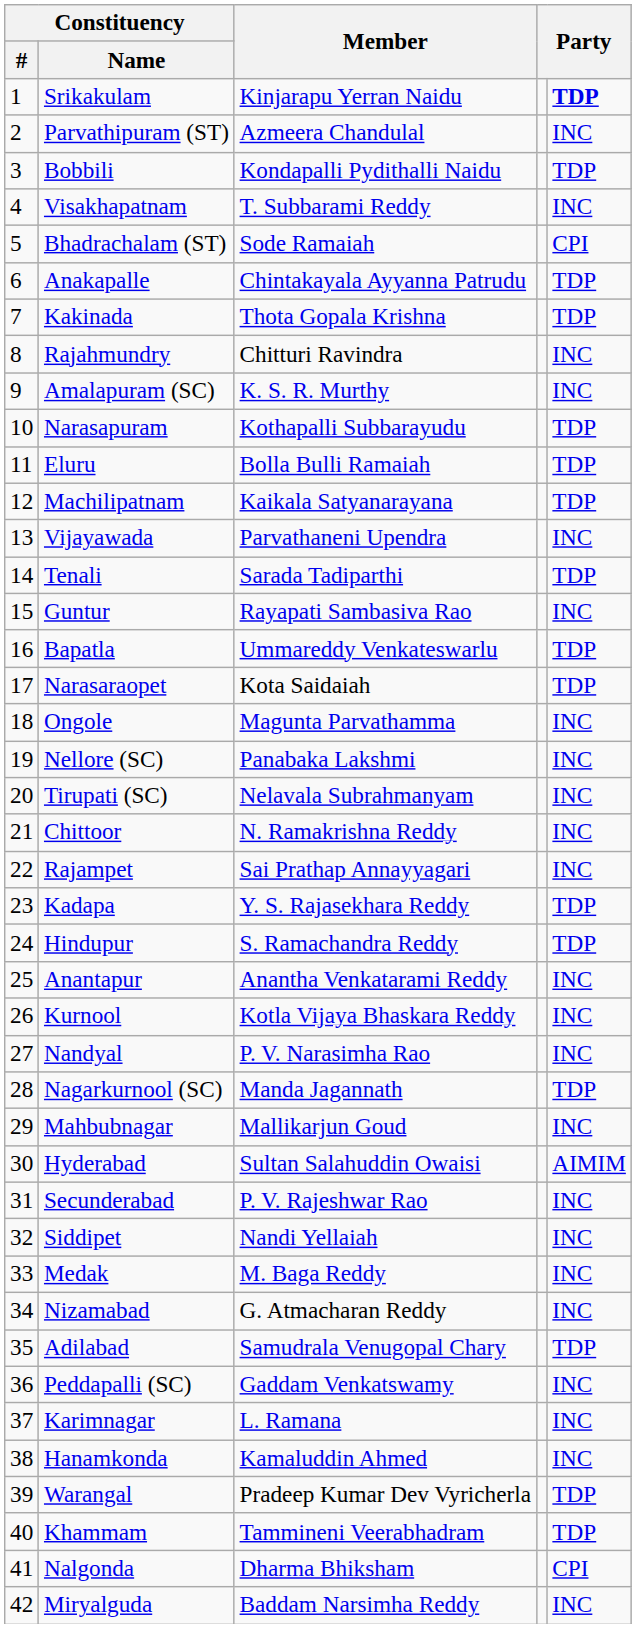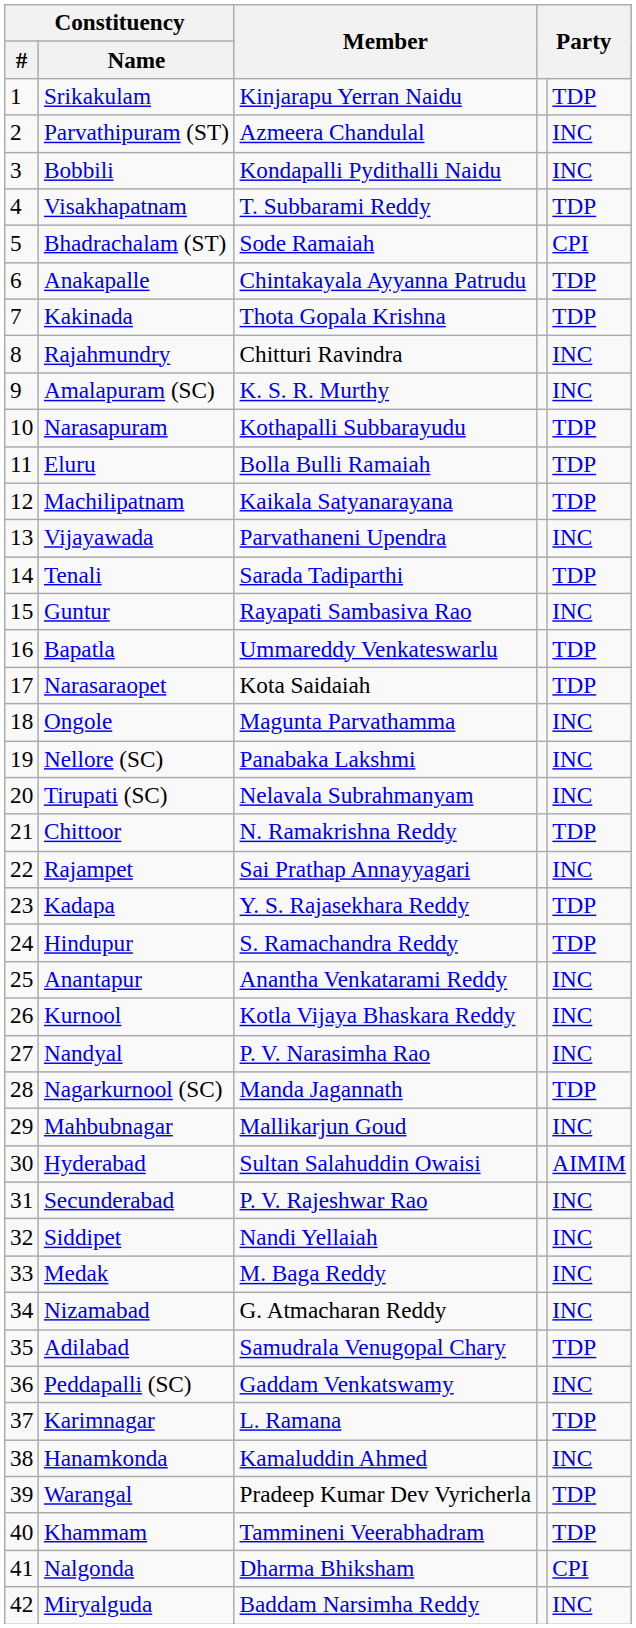 <table class="wikitable sortable">
 <tr>
 <th colspan="2">Constituency</th>
 <th rowspan="2">Member</th>
 <th colspan="2" rowspan="2">Party</th>
 </tr>
 <tr>
 <th>#</th>
 <th>Name</th>
 </tr>
 <tr>
 <td>1</td>
 <td><a href='#'>Srikakulam</a></td>
 <td><a href='#'>Kinjarapu Yerran Naidu</a></td>
 <td style="background-color: "></td>
-<td><strong><a href='#'>TDP</a></strong></td>
+<td><a href='#'>TDP</a></td>
 </tr>
 <tr>
 <td>2</td>
 <td><a href='#'>Parvathipuram</a> (ST)</td>
 <td><a href='#'>Azmeera Chandulal</a></td>
 <td style="background-color: "></td>
 <td><a href='#'>INC</a></td>
 </tr>
 <tr>
 <td>3</td>
 <td><a href='#'>Bobbili</a></td>
 <td><a href='#'>Kondapalli Pydithalli Naidu</a></td>
 <td style="background-color: "></td>
-<td><a href='#'>TDP</a></td>
+<td><a href='#'>INC</a></td>
 </tr>
 <tr>
 <td>4</td>
 <td><a href='#'>Visakhapatnam</a></td>
 <td><a href='#'>T. Subbarami Reddy</a></td>
 <td style="background-color: "></td>
-<td><a href='#'>INC</a></td>
+<td><a href='#'>TDP</a></td>
 </tr>
 <tr>
 <td>5</td>
 <td><a href='#'>Bhadrachalam</a> (ST)</td>
 <td><a href='#'>Sode Ramaiah</a></td>
 <td style="background-color: "></td>
 <td><a href='#'>CPI</a></td>
 </tr>
 <tr>
 <td>6</td>
 <td><a href='#'>Anakapalle</a></td>
 <td><a href='#'>Chintakayala Ayyanna Patrudu</a></td>
 <td style="background-color: "></td>
 <td><a href='#'>TDP</a></td>
 </tr>
 <tr>
 <td>7</td>
 <td><a href='#'>Kakinada</a></td>
 <td><a href='#'>Thota Gopala Krishna</a></td>
 <td style="background-color: "></td>
 <td><a href='#'>TDP</a></td>
 </tr>
 <tr>
 <td>8</td>
 <td><a href='#'>Rajahmundry</a></td>
 <td>Chitturi Ravindra</td>
 <td style="background-color: "></td>
 <td><a href='#'>INC</a></td>
 </tr>
 <tr>
 <td>9</td>
 <td><a href='#'>Amalapuram</a> (SC)</td>
 <td><a href='#'>K. S. R. Murthy</a></td>
 <td style="background-color: "></td>
 <td><a href='#'>INC</a></td>
 </tr>
 <tr>
 <td>10</td>
 <td><a href='#'>Narasapuram</a></td>
 <td><a href='#'>Kothapalli Subbarayudu</a></td>
 <td style="background-color: "></td>
 <td><a href='#'>TDP</a></td>
 </tr>
 <tr>
 <td>11</td>
 <td><a href='#'>Eluru</a></td>
 <td><a href='#'>Bolla Bulli Ramaiah</a></td>
 <td style="background-color: "></td>
 <td><a href='#'>TDP</a></td>
 </tr>
 <tr>
 <td>12</td>
 <td><a href='#'>Machilipatnam</a></td>
 <td><a href='#'>Kaikala Satyanarayana</a></td>
 <td style="background-color: "></td>
 <td><a href='#'>TDP</a></td>
 </tr>
 <tr>
 <td>13</td>
 <td><a href='#'>Vijayawada</a></td>
 <td><a href='#'>Parvathaneni Upendra</a></td>
 <td style="background-color: "></td>
 <td><a href='#'>INC</a></td>
 </tr>
 <tr>
 <td>14</td>
 <td><a href='#'>Tenali</a></td>
 <td><a href='#'>Sarada Tadiparthi</a></td>
 <td style="background-color: "></td>
 <td><a href='#'>TDP</a></td>
 </tr>
 <tr>
 <td>15</td>
 <td><a href='#'>Guntur</a></td>
 <td><a href='#'>Rayapati Sambasiva Rao</a></td>
 <td style="background-color: "></td>
 <td><a href='#'>INC</a></td>
 </tr>
 <tr>
 <td>16</td>
 <td><a href='#'>Bapatla</a></td>
 <td><a href='#'>Ummareddy Venkateswarlu</a></td>
 <td style="background-color: "></td>
 <td><a href='#'>TDP</a></td>
 </tr>
 <tr>
 <td>17</td>
 <td><a href='#'>Narasaraopet</a></td>
 <td>Kota Saidaiah</td>
 <td style="background-color: "></td>
 <td><a href='#'>TDP</a></td>
 </tr>
 <tr>
 <td>18</td>
 <td><a href='#'>Ongole</a></td>
 <td><a href='#'>Magunta Parvathamma</a></td>
 <td style="background-color: "></td>
 <td><a href='#'>INC</a></td>
 </tr>
 <tr>
 <td>19</td>
 <td><a href='#'>Nellore</a> (SC)</td>
 <td><a href='#'>Panabaka Lakshmi</a></td>
 <td style="background-color: "></td>
 <td><a href='#'>INC</a></td>
 </tr>
 <tr>
 <td>20</td>
 <td><a href='#'>Tirupati</a> (SC)</td>
 <td><a href='#'>Nelavala Subrahmanyam</a></td>
 <td style="background-color: "></td>
 <td><a href='#'>INC</a></td>
 </tr>
 <tr>
 <td>21</td>
 <td><a href='#'>Chittoor</a></td>
 <td><a href='#'>N. Ramakrishna Reddy</a></td>
 <td style="background-color: "></td>
-<td><a href='#'>INC</a></td>
+<td><a href='#'>TDP</a></td>
 </tr>
 <tr>
 <td>22</td>
 <td><a href='#'>Rajampet</a></td>
 <td><a href='#'>Sai Prathap Annayyagari</a></td>
 <td style="background-color: "></td>
 <td><a href='#'>INC</a></td>
 </tr>
 <tr>
 <td>23</td>
 <td><a href='#'>Kadapa</a></td>
 <td><a href='#'>Y. S. Rajasekhara Reddy</a></td>
 <td style="background-color: "></td>
 <td><a href='#'>TDP</a></td>
 </tr>
 <tr>
 <td>24</td>
 <td><a href='#'>Hindupur</a></td>
 <td><a href='#'>S. Ramachandra Reddy</a></td>
 <td style="background-color: "></td>
 <td><a href='#'>TDP</a></td>
 </tr>
 <tr>
 <td>25</td>
 <td><a href='#'>Anantapur</a></td>
 <td><a href='#'>Anantha Venkatarami Reddy</a></td>
 <td style="background-color: "></td>
 <td><a href='#'>INC</a></td>
 </tr>
 <tr>
 <td>26</td>
 <td><a href='#'>Kurnool</a></td>
 <td><a href='#'>Kotla Vijaya Bhaskara Reddy</a></td>
 <td style="background-color: "></td>
 <td><a href='#'>INC</a></td>
 </tr>
 <tr>
 <td>27</td>
 <td><a href='#'>Nandyal</a></td>
 <td><a href='#'>P. V. Narasimha Rao</a></td>
 <td style="background-color: "></td>
 <td><a href='#'>INC</a></td>
 </tr>
 <tr>
 <td>28</td>
 <td><a href='#'>Nagarkurnool</a> (SC)</td>
 <td><a href='#'>Manda Jagannath</a></td>
 <td style="background-color: "></td>
 <td><a href='#'>TDP</a></td>
 </tr>
 <tr>
 <td>29</td>
 <td><a href='#'>Mahbubnagar</a></td>
 <td><a href='#'>Mallikarjun Goud</a></td>
 <td style="background-color: "></td>
 <td><a href='#'>INC</a></td>
 </tr>
 <tr>
 <td>30</td>
 <td><a href='#'>Hyderabad</a></td>
 <td><a href='#'>Sultan Salahuddin Owaisi</a></td>
 <td style="background-color: "></td>
 <td><a href='#'>AIMIM</a></td>
 </tr>
 <tr>
 <td>31</td>
 <td><a href='#'>Secunderabad</a></td>
 <td><a href='#'>P. V. Rajeshwar Rao</a></td>
 <td style="background-color: "></td>
 <td><a href='#'>INC</a></td>
 </tr>
 <tr>
 <td>32</td>
 <td><a href='#'>Siddipet</a></td>
 <td><a href='#'>Nandi Yellaiah</a></td>
 <td style="background-color: "></td>
 <td><a href='#'>INC</a></td>
 </tr>
 <tr>
 <td>33</td>
 <td><a href='#'>Medak</a></td>
 <td><a href='#'>M. Baga Reddy</a></td>
 <td style="background-color: "></td>
 <td><a href='#'>INC</a></td>
 </tr>
 <tr>
 <td>34</td>
 <td><a href='#'>Nizamabad</a></td>
 <td>G. Atmacharan Reddy</td>
 <td style="background-color: "></td>
 <td><a href='#'>INC</a></td>
 </tr>
 <tr>
 <td>35</td>
 <td><a href='#'>Adilabad</a></td>
 <td><a href='#'>Samudrala Venugopal Chary</a></td>
 <td style="background-color: "></td>
 <td><a href='#'>TDP</a></td>
 </tr>
 <tr>
 <td>36</td>
 <td><a href='#'>Peddapalli</a> (SC)</td>
 <td><a href='#'>Gaddam Venkatswamy</a></td>
 <td style="background-color: "></td>
 <td><a href='#'>INC</a></td>
 </tr>
 <tr>
 <td>37</td>
 <td><a href='#'>Karimnagar</a></td>
 <td><a href='#'>L. Ramana</a></td>
 <td style="background-color: "></td>
-<td><a href='#'>INC</a></td>
+<td><a href='#'>TDP</a></td>
 </tr>
 <tr>
 <td>38</td>
 <td><a href='#'>Hanamkonda</a></td>
 <td><a href='#'>Kamaluddin Ahmed</a></td>
 <td style="background-color: "></td>
 <td><a href='#'>INC</a></td>
 </tr>
 <tr>
 <td>39</td>
 <td><a href='#'>Warangal</a></td>
 <td>Pradeep Kumar Dev Vyricherla</td>
 <td style="background-color: "></td>
 <td><a href='#'>TDP</a></td>
 </tr>
 <tr>
 <td>40</td>
 <td><a href='#'>Khammam</a></td>
 <td><a href='#'>Tammineni Veerabhadram</a></td>
 <td style="background-color: "></td>
 <td><a href='#'>TDP</a></td>
 </tr>
 <tr>
 <td>41</td>
 <td><a href='#'>Nalgonda</a></td>
 <td><a href='#'>Dharma Bhiksham</a></td>
 <td style="background-color: "></td>
 <td><a href='#'>CPI</a></td>
 </tr>
 <tr>
 <td>42</td>
 <td><a href='#'>Miryalguda</a></td>
 <td><a href='#'>Baddam Narsimha Reddy</a></td>
 <td style="background-color: "></td>
 <td><a href='#'>INC</a></td>
 </tr>
 </table>
